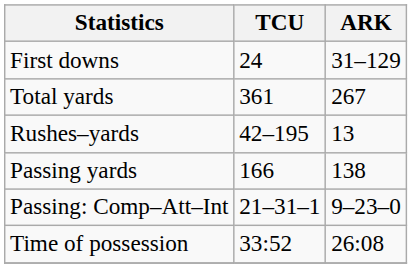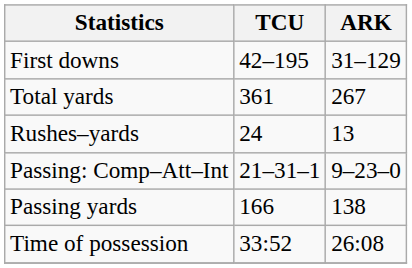 <table class="wikitable" style="float: left;">
 <tr>
 <th>Statistics</th>
 <th>TCU</th>
 <th>ARK</th>
 </tr>
 <tr>
 <td>First downs</td>
-<td>24</td>
+<td>42–195</td>
 <td>31–129</td>
 </tr>
 <tr>
 <td>Total yards</td>
 <td>361</td>
 <td>267</td>
 </tr>
 <tr>
 <td>Rushes–yards</td>
-<td>42–195</td>
+<td>24</td>
 <td>13</td>
+</tr>
+<tr>
+<td>Passing: Comp–Att–Int</td>
+<td>21–31–1</td>
+<td>9–23–0</td>
 </tr>
 <tr>
 <td>Passing yards</td>
 <td>166</td>
 <td>138</td>
-</tr>
-<tr>
-<td>Passing: Comp–Att–Int</td>
-<td>21–31–1</td>
-<td>9–23–0</td>
 </tr>
 <tr>
 <td>Time of possession</td>
 <td>33:52</td>
 <td>26:08</td>
 </tr>
 <tr>
 </tr>
 </table>
